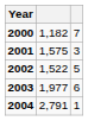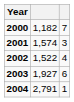 <table class="wikitable sortable" style="font-size: %">
 <tr>
 <th width=px>Year</th>
 <th width=px></th>
 <th width=px></th>
 </tr>
 <tr>
 <td><strong>2000</strong></td>
 <td>1,182</td>
 <td align=center>7</td>
 </tr>
 <tr>
 <td><strong>2001</strong></td>
-<td>1,575</td>
+<td>1,574</td>
 <td align=center>3</td>
 </tr>
 <tr>
 <td><strong>2002</strong></td>
 <td>1,522</td>
-<td align=center>5</td>
+<td align=center>4</td>
 </tr>
 <tr>
 <td><strong>2003</strong></td>
-<td>1,977</td>
+<td>1,927</td>
 <td align=center>6</td>
 </tr>
 <tr>
 <td><strong>2004</strong></td>
 <td>2,791</td>
 <td align=center>1</td>
 </tr>
 </table>
